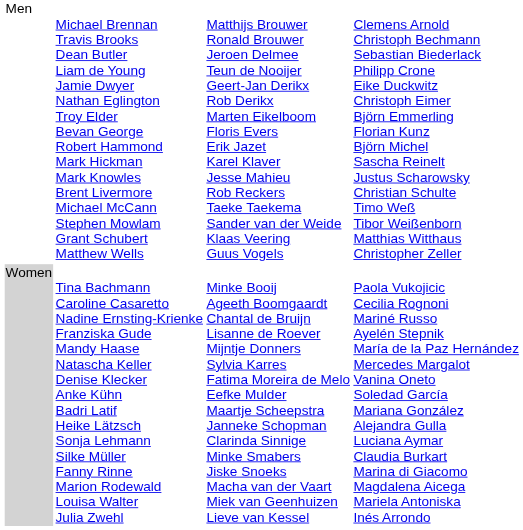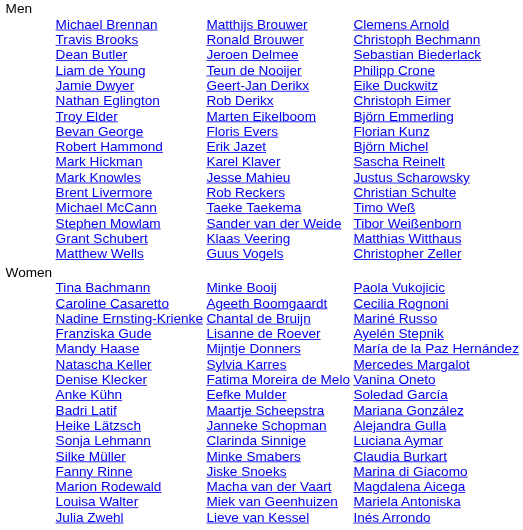 <table>
 <tr valign=top>
 <td>Men<br></td>
 <td><br><a href='#'>Michael Brennan</a><br><a href='#'>Travis Brooks</a><br><a href='#'>Dean Butler</a><br><a href='#'>Liam de Young</a><br><a href='#'>Jamie Dwyer</a><br><a href='#'>Nathan Eglington</a><br><a href='#'>Troy Elder</a><br><a href='#'>Bevan George</a><br><a href='#'>Robert Hammond</a><br><a href='#'>Mark Hickman</a><br><a href='#'>Mark Knowles</a><br><a href='#'>Brent Livermore</a><br><a href='#'>Michael McCann</a><br><a href='#'>Stephen Mowlam</a><br><a href='#'>Grant Schubert</a><br><a href='#'>Matthew Wells</a></td>
 <td><br><a href='#'>Matthijs Brouwer</a><br><a href='#'>Ronald Brouwer</a><br><a href='#'>Jeroen Delmee</a><br><a href='#'>Teun de Nooijer</a><br><a href='#'>Geert-Jan Derikx</a><br><a href='#'>Rob Derikx</a><br><a href='#'>Marten Eikelboom</a><br><a href='#'>Floris Evers</a><br><a href='#'>Erik Jazet</a><br><a href='#'>Karel Klaver</a><br><a href='#'>Jesse Mahieu</a><br><a href='#'>Rob Reckers</a><br><a href='#'>Taeke Taekema</a><br><a href='#'>Sander van der Weide</a><br><a href='#'>Klaas Veering</a><br><a href='#'>Guus Vogels</a></td>
 <td><br><a href='#'>Clemens Arnold</a><br><a href='#'>Christoph Bechmann</a><br><a href='#'>Sebastian Biederlack</a><br><a href='#'>Philipp Crone</a><br><a href='#'>Eike Duckwitz</a><br><a href='#'>Christoph Eimer</a><br><a href='#'>Björn Emmerling</a><br><a href='#'>Florian Kunz</a><br><a href='#'>Björn Michel</a><br><a href='#'>Sascha Reinelt</a><br><a href='#'>Justus Scharowsky</a><br><a href='#'>Christian Schulte</a><br><a href='#'>Timo Weß</a><br><a href='#'>Tibor Weißenborn</a><br><a href='#'>Matthias Witthaus</a><br><a href='#'>Christopher Zeller</a></td>
 </tr>
 <tr valign=top>
-<td style="background: lightgrey;">Women<br></td>
+<td>Women<br></td>
 <td><br><a href='#'>Tina Bachmann</a><br><a href='#'>Caroline Casaretto</a><br><a href='#'>Nadine Ernsting-Krienke</a><br><a href='#'>Franziska Gude</a><br><a href='#'>Mandy Haase</a><br><a href='#'>Natascha Keller</a><br><a href='#'>Denise Klecker</a><br><a href='#'>Anke Kühn</a><br><a href='#'>Badri Latif</a><br><a href='#'>Heike Lätzsch</a><br><a href='#'>Sonja Lehmann</a><br><a href='#'>Silke Müller</a><br><a href='#'>Fanny Rinne</a><br><a href='#'>Marion Rodewald</a><br><a href='#'>Louisa Walter</a><br><a href='#'>Julia Zwehl</a></td>
 <td><br><a href='#'>Minke Booij</a><br><a href='#'>Ageeth Boomgaardt</a><br><a href='#'>Chantal de Bruijn</a><br><a href='#'>Lisanne de Roever</a><br><a href='#'>Mijntje Donners</a><br><a href='#'>Sylvia Karres</a><br><a href='#'>Fatima Moreira de Melo</a><br><a href='#'>Eefke Mulder</a><br><a href='#'>Maartje Scheepstra</a><br><a href='#'>Janneke Schopman</a><br><a href='#'>Clarinda Sinnige</a><br><a href='#'>Minke Smabers</a><br><a href='#'>Jiske Snoeks</a><br><a href='#'>Macha van der Vaart</a><br><a href='#'>Miek van Geenhuizen</a><br><a href='#'>Lieve van Kessel</a></td>
 <td><br><a href='#'>Paola Vukojicic</a><br><a href='#'>Cecilia Rognoni</a><br><a href='#'>Mariné Russo</a><br><a href='#'>Ayelén Stepnik</a><br><a href='#'>María de la Paz Hernández</a><br><a href='#'>Mercedes Margalot</a><br><a href='#'>Vanina Oneto</a><br><a href='#'>Soledad García</a><br><a href='#'>Mariana González</a><br><a href='#'>Alejandra Gulla</a><br><a href='#'>Luciana Aymar</a><br><a href='#'>Claudia Burkart</a><br><a href='#'>Marina di Giacomo</a><br><a href='#'>Magdalena Aicega</a><br><a href='#'>Mariela Antoniska</a><br><a href='#'>Inés Arrondo</a></td>
 </tr>
 </table>
